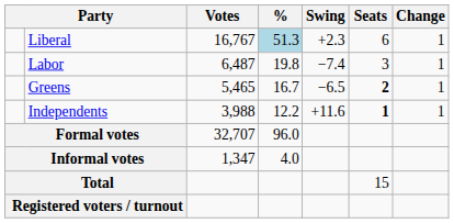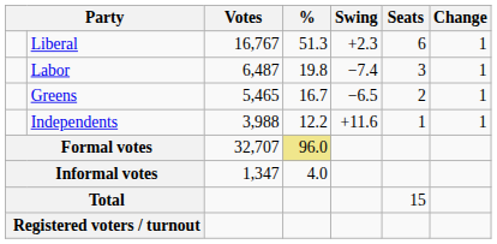 <table class="wikitable" style="text-align:right; margin-bottom:0">
 <tr>
 <th style="width:10px" colspan=3>Party</th>
 <th style="width:70px;">Votes</th>
 <th style="width:40px;">%</th>
 <th style="width:40px;">Swing</th>
 <th style="width:40px;">Seats</th>
 <th style="width:40px;">Change</th>
 </tr>
 <tr>
 <td> </td>
 <td style="text-align:left;" colspan="2"><a href='#'>Liberal</a></td>
 <td>16,767</td>
-<td style="background: lightblue;">51.3</td>
+<td>51.3</td>
 <td>+2.3</td>
 <td>6</td>
 <td> 1</td>
 </tr>
 <tr>
 <td> </td>
 <td style="text-align:left;" colspan="2"><a href='#'>Labor</a></td>
 <td>6,487</td>
 <td>19.8</td>
 <td>−7.4</td>
 <td>3</td>
 <td> 1</td>
 </tr>
 <tr>
 <td> </td>
 <td style="text-align:left;" colspan="2"><a href='#'>Greens</a></td>
 <td>5,465</td>
 <td>16.7</td>
 <td>−6.5</td>
-<td><strong>2</strong></td>
+<td>2</td>
 <td> 1</td>
 </tr>
 <tr>
 <td> </td>
 <td style="text-align:left;" colspan="2"><a href='#'>Independents</a></td>
 <td>3,988</td>
 <td>12.2</td>
 <td>+11.6</td>
-<td><strong>1</strong></td>
+<td>1</td>
 <td> 1</td>
 </tr>
 <tr>
 <th colspan="3" rowspan="1"> Formal votes</th>
 <td>32,707</td>
-<td>96.0</td>
+<td style="background: khaki;">96.0</td>
 <td></td>
 <td></td>
 <td></td>
 </tr>
 <tr>
 <th colspan="3" rowspan="1"> Informal votes</th>
 <td>1,347</td>
 <td>4.0</td>
 <td></td>
 <td></td>
 <td></td>
 </tr>
 <tr>
 <th colspan="3" rowspan="1"> <strong>Total </strong></th>
 <td></td>
 <td></td>
 <td></td>
 <td>15</td>
 <td></td>
 </tr>
 <tr>
 <th colspan="3" rowspan="1"> Registered voters / turnout</th>
 <td></td>
 <td></td>
 <td></td>
 <td></td>
 <td></td>
 </tr>
 </table>
